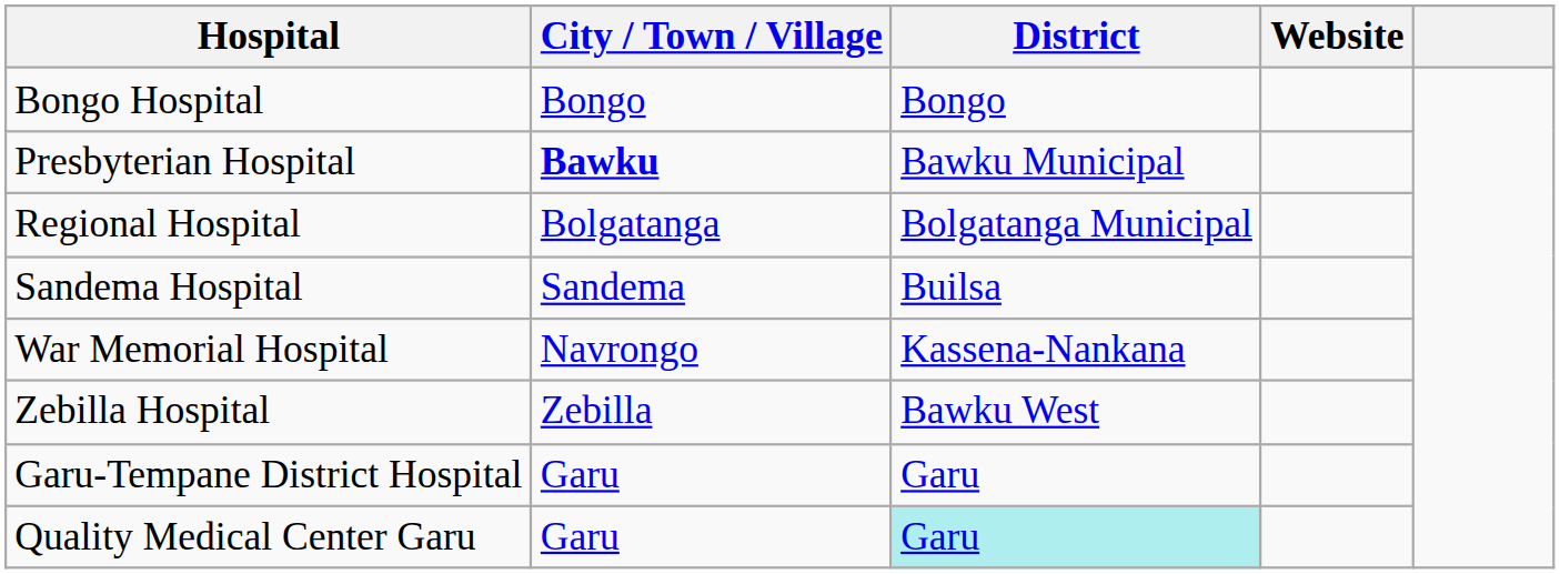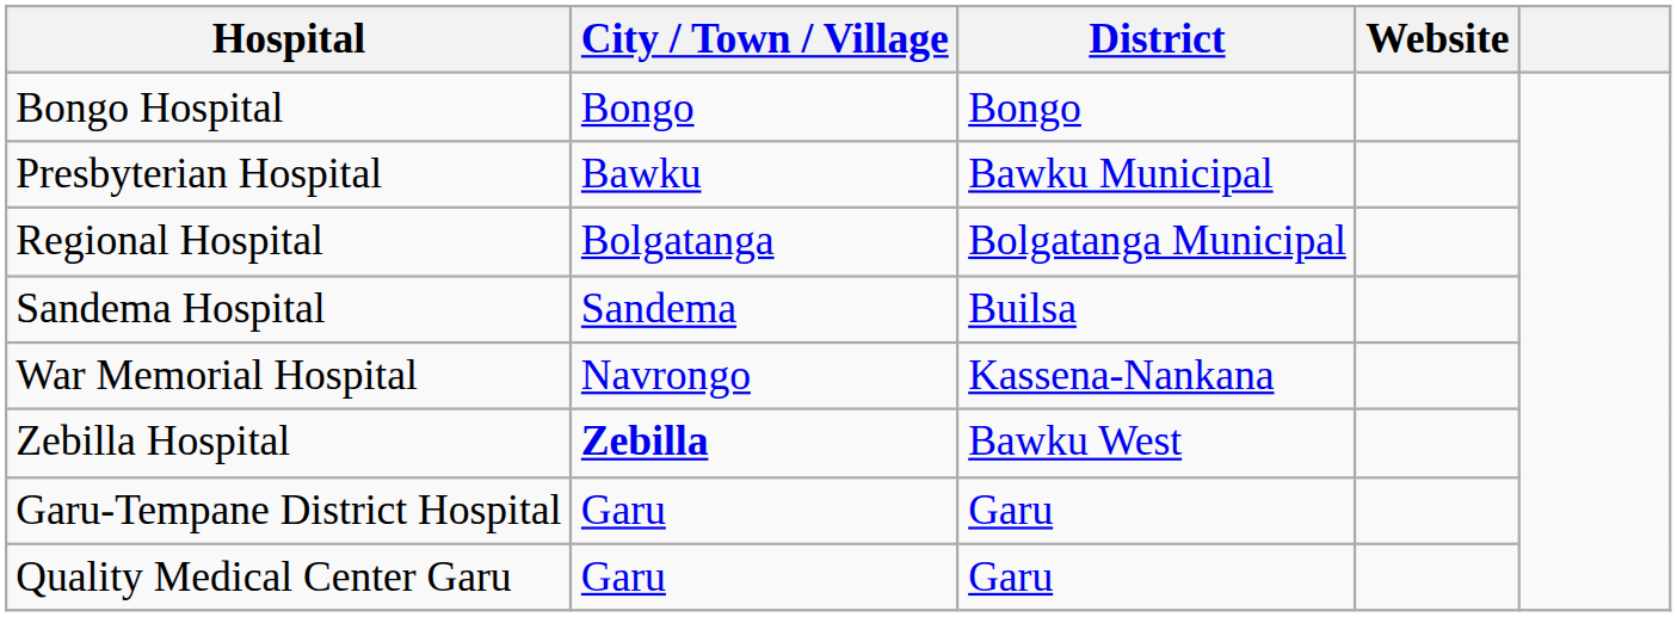 <table class="wikitable sortable">
 <tr>
 <th>Hospital</th>
 <th><a href='#'>City / Town / Village</a></th>
 <th><a href='#'>District</a></th>
 <th>Website</th>
 <th width="50"></th>
 </tr>
 <tr>
 <td>Bongo Hospital</td>
 <td><a href='#'>Bongo</a></td>
 <td><a href='#'>Bongo</a></td>
 <td></td>
 <td rowspan="8"></td>
 </tr>
 <tr>
 <td>Presbyterian Hospital</td>
-<td><strong><a href='#'>Bawku</a></strong></td>
+<td><a href='#'>Bawku</a></td>
 <td><a href='#'>Bawku Municipal</a></td>
 <td></td>
 </tr>
 <tr>
 <td>Regional Hospital</td>
 <td><a href='#'>Bolgatanga</a></td>
 <td><a href='#'>Bolgatanga Municipal</a></td>
 <td></td>
 </tr>
 <tr>
 <td>Sandema Hospital</td>
 <td><a href='#'>Sandema</a></td>
 <td><a href='#'>Builsa</a></td>
 <td></td>
 </tr>
 <tr>
 <td>War Memorial Hospital</td>
 <td><a href='#'>Navrongo</a></td>
 <td><a href='#'>Kassena-Nankana</a></td>
 <td></td>
 </tr>
 <tr>
 <td>Zebilla Hospital</td>
-<td><a href='#'>Zebilla</a></td>
+<td><strong><a href='#'>Zebilla</a></strong></td>
 <td><a href='#'>Bawku West</a></td>
 <td></td>
 </tr>
 <tr>
 <td>Garu-Tempane District Hospital</td>
 <td><a href='#'>Garu</a></td>
 <td><a href='#'>Garu</a></td>
 <td></td>
 </tr>
 <tr>
 <td>Quality Medical Center Garu</td>
 <td><a href='#'>Garu</a></td>
-<td style="background: paleturquoise;"><a href='#'>Garu</a></td>
+<td><a href='#'>Garu</a></td>
 <td></td>
 </tr>
 </table>
